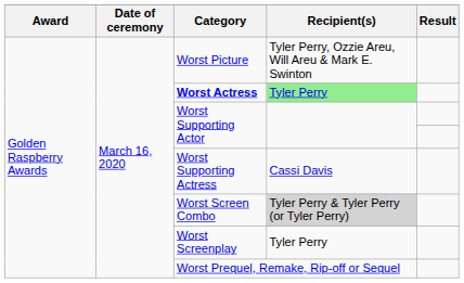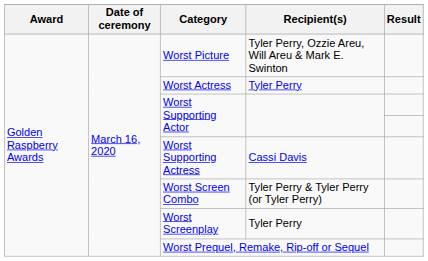 <table class="wikitable sortable">
 <tr style="background:#ccc; text-align:center;">
 </tr>
 <tr style="background:#ccc; text-align:center;">
 <th scope="col">Award</th>
 <th scope="col">Date of ceremony</th>
 <th scope="col">Category</th>
 <th scope="col">Recipient(s)</th>
 <th scope="col">Result</th>
 </tr>
 <tr>
 <td rowspan=10><a href='#'>Golden Raspberry Awards</a></td>
 <td rowspan=10><a href='#'>March 16, 2020</a></td>
 <td><a href='#'>Worst Picture</a></td>
 <td>Tyler Perry, Ozzie Areu, Will Areu & Mark E. Swinton</td>
 <td></td>
 </tr>
 <tr>
-<td><strong><a href='#'>Worst Actress</a></strong></td>
-<td style="background: lightgreen;"><a href='#'>Tyler Perry</a></td>
+<td><a href='#'>Worst Actress</a></td>
+<td><a href='#'>Tyler Perry</a></td>
 <td></td>
 </tr>
 <tr>
 <td rowspan=2><a href='#'>Worst Supporting Actor</a></td>
 <td rowspan=2></td>
 <td></td>
 </tr>
 <tr>
 <td></td>
 </tr>
 <tr>
 <td><a href='#'>Worst Supporting Actress</a></td>
 <td><a href='#'>Cassi Davis</a></td>
 <td></td>
 </tr>
 <tr>
 <td><a href='#'>Worst Screen Combo</a></td>
-<td style="background: lightgrey;">Tyler Perry & Tyler Perry (or Tyler Perry)</td>
+<td>Tyler Perry & Tyler Perry (or Tyler Perry)</td>
 <td></td>
 </tr>
 <tr>
 <td><a href='#'>Worst Screenplay</a></td>
 <td>Tyler Perry</td>
 <td></td>
 </tr>
 <tr>
 <td colspan=2><a href='#'>Worst Prequel, Remake, Rip-off or Sequel</a></td>
 <td></td>
 </tr>
 </table>
